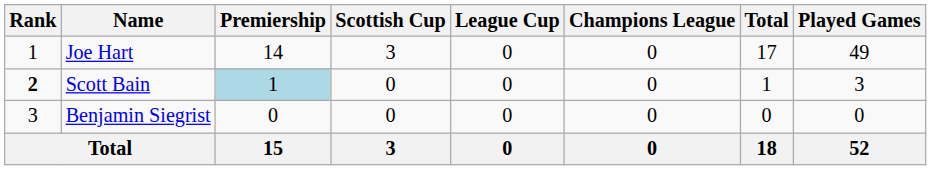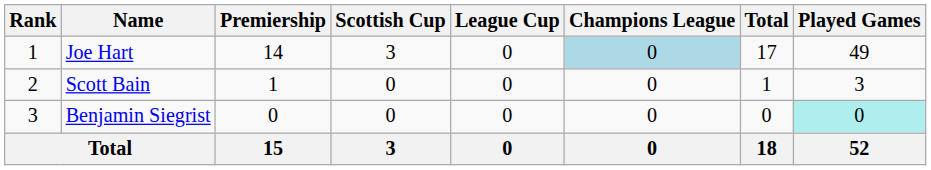 <table class="wikitable sortable" style="text-align: center;">
 <tr>
 <th>Rank</th>
 <th>Name</th>
 <th>Premiership</th>
 <th>Scottish Cup</th>
 <th>League Cup</th>
 <th>Champions League</th>
 <th>Total</th>
 <th>Played Games</th>
 </tr>
 <tr>
 <td align=center rowspan=1>1</td>
 <td align=left> <a href='#'>Joe Hart</a></td>
 <td>14</td>
 <td>3</td>
 <td>0</td>
-<td>0</td>
+<td style="background: lightblue;">0</td>
 <td>17</td>
 <td>49</td>
 </tr>
 <tr>
-<td align=center rowspan=1><strong>2</strong></td>
+<td align=center rowspan=1>2</td>
 <td align=left> <a href='#'>Scott Bain</a></td>
-<td style="background: lightblue;">1</td>
+<td>1</td>
 <td>0</td>
 <td>0</td>
 <td>0</td>
 <td>1</td>
 <td>3</td>
 </tr>
 <tr>
 <td align=center rowspan=1>3</td>
 <td align=left> <a href='#'>Benjamin Siegrist</a></td>
 <td>0</td>
 <td>0</td>
 <td>0</td>
 <td>0</td>
 <td>0</td>
-<td>0</td>
+<td style="background: paleturquoise;">0</td>
 </tr>
 <tr>
 <th colspan=2>Total</th>
 <th>15</th>
 <th>3</th>
 <th>0</th>
 <th>0</th>
 <th>18</th>
 <th>52</th>
 </tr>
 </table>
